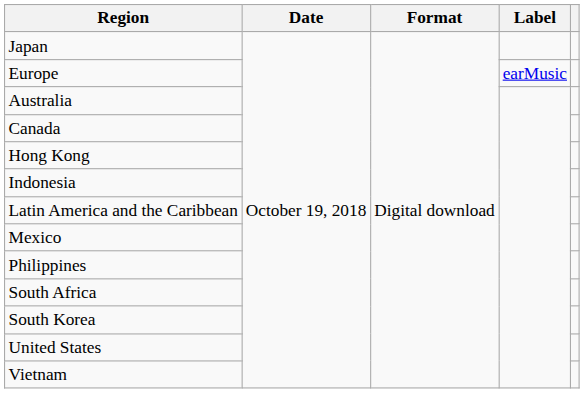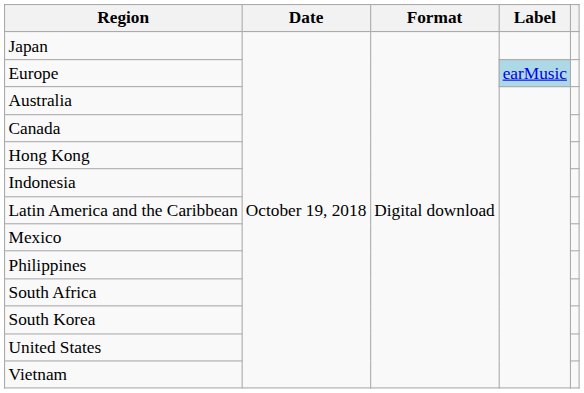 <table class="wikitable plainrowheaders">
 <tr>
 <th scope="col">Region</th>
 <th scope="col">Date</th>
 <th scope="col">Format</th>
 <th scope="col">Label</th>
 <th scope="col"></th>
 </tr>
 <tr>
 <td scope="row">Japan</td>
 <td rowspan="13">October 19, 2018</td>
 <td rowspan="13">Digital download</td>
 <td></td>
 <td></td>
 </tr>
 <tr>
 <td scope="row">Europe</td>
-<td><a href='#'>earMusic</a></td>
+<td style="background: lightblue;"><a href='#'>earMusic</a></td>
 <td></td>
 </tr>
 <tr>
 <td scope="row">Australia</td>
 <td rowspan=11></td>
 <td></td>
 </tr>
 <tr>
 <td scope="row">Canada</td>
 <td></td>
 </tr>
 <tr>
 <td scope="row">Hong Kong</td>
 <td></td>
 </tr>
 <tr>
 <td scope="row">Indonesia</td>
 <td></td>
 </tr>
 <tr>
 <td scope="row">Latin America and the Caribbean</td>
 <td></td>
 </tr>
 <tr>
 <td scope="row">Mexico</td>
 <td></td>
 </tr>
 <tr>
 <td scope="row">Philippines</td>
 <td></td>
 </tr>
 <tr>
 <td scope="row">South Africa</td>
 <td></td>
 </tr>
 <tr>
 <td scope="row">South Korea</td>
 <td></td>
 </tr>
 <tr>
 <td scope="row">United States</td>
 <td></td>
 </tr>
 <tr>
 <td scope="row">Vietnam</td>
 <td></td>
 </tr>
 </table>
